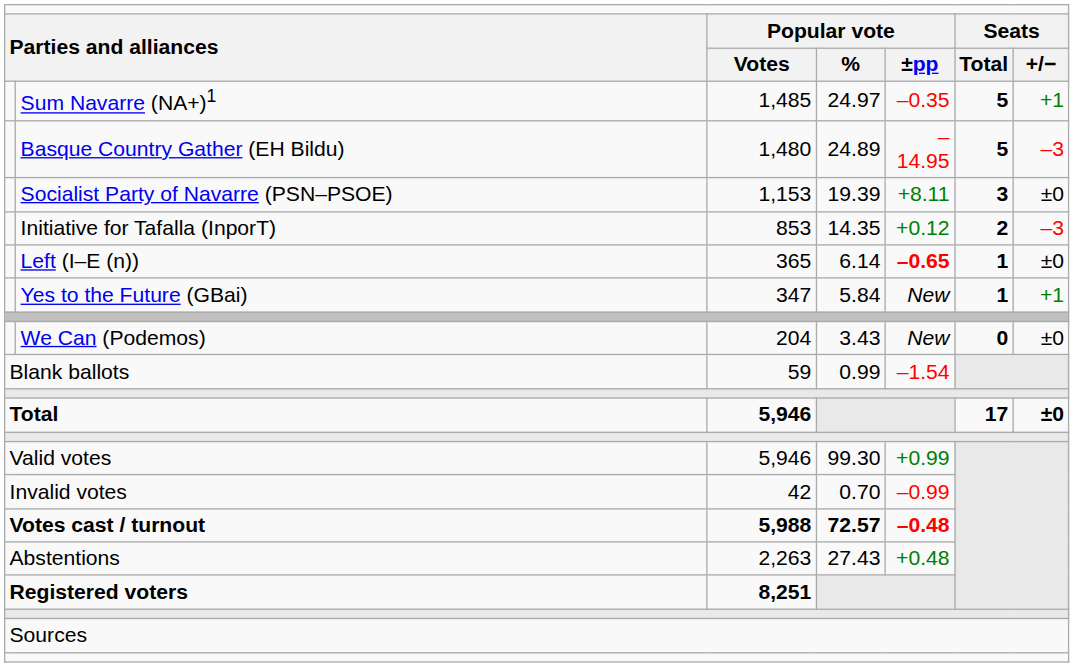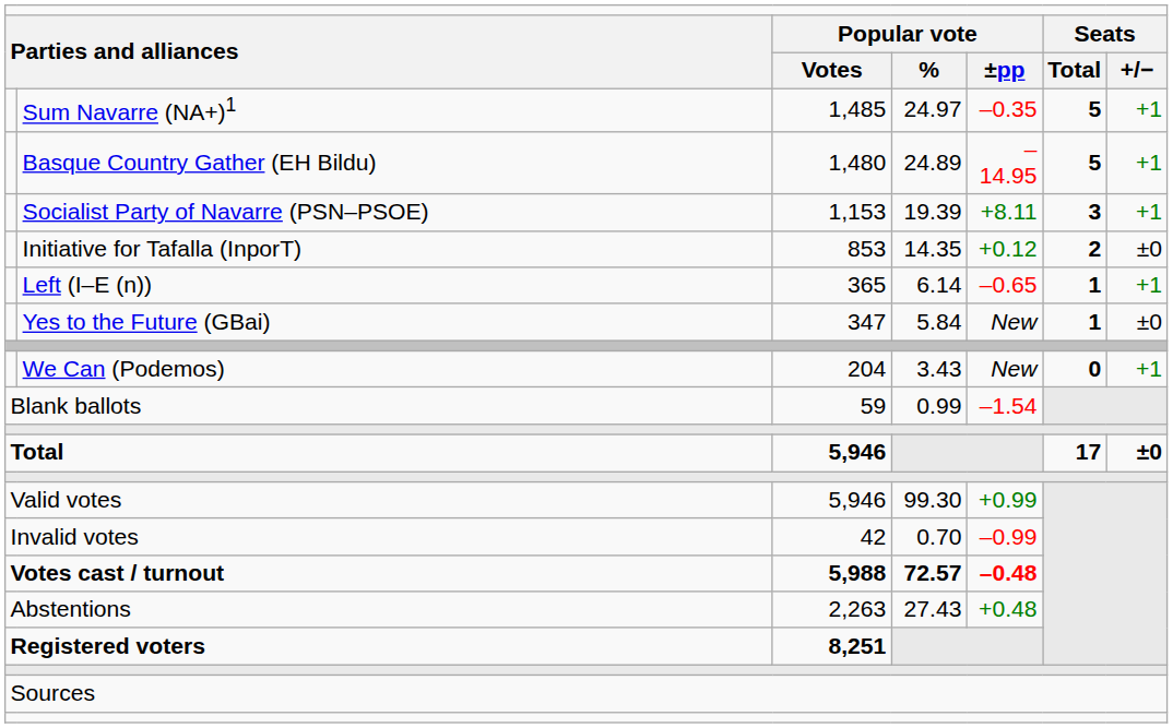 <table class="wikitable" style="text-align:right;">
 <tr>
 <td colspan="7"></td>
 </tr>
 <tr>
 <th style="text-align:left;" rowspan="2" colspan="2" width="525">Parties and alliances</th>
 <th colspan="3">Popular vote</th>
 <th colspan="2">Seats</th>
 </tr>
 <tr>
 <th width="75">Votes</th>
 <th width="45">%</th>
 <th width="45">±<a href='#'>pp</a></th>
 <th width="35">Total</th>
 <th width="35">+/−</th>
 </tr>
 <tr>
 <td width="1" style="color:inherit;background:"></td>
 <td align="left"><a href='#'>Sum Navarre</a> (NA+)<sup>1</sup></td>
 <td>1,485</td>
 <td>24.97</td>
 <td style="color:red;">–0.35</td>
 <td><strong>5</strong></td>
 <td style="color:green;">+1</td>
 </tr>
 <tr>
 <td style="color:inherit;background:"></td>
 <td align="left"><a href='#'>Basque Country Gather</a> (EH Bildu)</td>
 <td>1,480</td>
 <td>24.89</td>
 <td style="color:red;">–14.95</td>
 <td><strong>5</strong></td>
-<td style="color:red;">–3</td>
+<td style="color:green;">+1</td>
 </tr>
 <tr>
 <td style="color:inherit;background:"></td>
 <td align="left"><a href='#'>Socialist Party of Navarre</a> (PSN–PSOE)</td>
 <td>1,153</td>
 <td>19.39</td>
 <td style="color:green;">+8.11</td>
 <td><strong>3</strong></td>
-<td>±0</td>
+<td style="color:green;">+1</td>
 </tr>
 <tr>
 <td style="color:inherit;background:"></td>
 <td align="left">Initiative for Tafalla (InporT)</td>
 <td>853</td>
 <td>14.35</td>
 <td style="color:green;">+0.12</td>
 <td><strong>2</strong></td>
-<td style="color:red;">–3</td>
+<td>±0</td>
 </tr>
 <tr>
 <td style="color:inherit;background:"></td>
 <td align="left"><a href='#'>Left</a> (I–E (n))</td>
 <td>365</td>
 <td>6.14</td>
-<td style="color:red;"><strong>–0.65</strong></td>
+<td style="color:red;">–0.65</td>
 <td><strong>1</strong></td>
-<td>±0</td>
+<td style="color:green;">+1</td>
 </tr>
 <tr>
 <td style="color:inherit;background:"></td>
 <td align="left"><a href='#'>Yes to the Future</a> (GBai)</td>
 <td>347</td>
 <td>5.84</td>
 <td><em>New</em></td>
 <td><strong>1</strong></td>
-<td style="color:green;">+1</td>
+<td>±0</td>
 </tr>
 <tr>
 <td colspan="7" bgcolor="#C0C0C0"></td>
 </tr>
 <tr>
 <td style="color:inherit;background:"></td>
 <td align="left"><a href='#'>We Can</a> (Podemos)</td>
 <td>204</td>
 <td>3.43</td>
 <td><em>New</em></td>
 <td><strong>0</strong></td>
-<td>±0</td>
+<td style="color:green;">+1</td>
 </tr>
 <tr>
 <td align="left" colspan="2">Blank ballots</td>
 <td>59</td>
 <td>0.99</td>
 <td style="color:red;">–1.54</td>
 <td bgcolor="#E9E9E9" colspan="2"></td>
 </tr>
 <tr>
 <td colspan="7" bgcolor="#E9E9E9"></td>
 </tr>
 <tr style="font-weight:bold;">
 <td align="left" colspan="2">Total</td>
 <td>5,946</td>
 <td bgcolor="#E9E9E9" colspan="2"></td>
 <td>17</td>
 <td>±0</td>
 </tr>
 <tr>
 <td colspan="7" bgcolor="#E9E9E9"></td>
 </tr>
 <tr>
 <td align="left" colspan="2">Valid votes</td>
 <td>5,946</td>
 <td>99.30</td>
 <td style="color:green;">+0.99</td>
 <td bgcolor="#E9E9E9" colspan="2" rowspan="5"></td>
 </tr>
 <tr>
 <td align="left" colspan="2">Invalid votes</td>
 <td>42</td>
 <td>0.70</td>
 <td style="color:red;">–0.99</td>
 </tr>
 <tr style="font-weight:bold;">
 <td align="left" colspan="2">Votes cast / turnout</td>
 <td>5,988</td>
 <td>72.57</td>
 <td style="color:red;">–0.48</td>
 </tr>
 <tr>
 <td align="left" colspan="2">Abstentions</td>
 <td>2,263</td>
 <td>27.43</td>
 <td style="color:green;">+0.48</td>
 </tr>
 <tr style="font-weight:bold;">
 <td align="left" colspan="2">Registered voters</td>
 <td>8,251</td>
 <td bgcolor="#E9E9E9" colspan="2"></td>
 </tr>
 <tr>
 <td colspan="7" bgcolor="#E9E9E9"></td>
 </tr>
 <tr>
 <td align="left" colspan="7">Sources</td>
 </tr>
 <tr>
 <td colspan="7" style="text-align:left; max-width:790px;"></td>
 </tr>
 </table>
